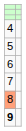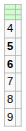 <table class="wikitable">
 <tr bgcolor=#CCFFCC>
 <td align=center></td>
 <td></td>
 </tr>
 <tr bgcolor=#CCFFCC>
 <td align=center></td>
 <td></td>
 </tr>
 <tr bgcolor=#CCFFCC>
 <td align=center></td>
 <td></td>
 </tr>
 <tr>
 <td align=center>4</td>
 <td></td>
 </tr>
 <tr>
-<td align=center>5</td>
+<td align=center><strong>5</strong></td>
 <td></td>
 </tr>
 <tr>
-<td align=center>6</td>
+<td align=center><strong>6</strong></td>
 <td></td>
 </tr>
 <tr>
 <td align=center>7</td>
 <td></td>
 </tr>
 <tr>
-<td align=center style="background: lightsalmon;">8</td>
+<td align=center>8</td>
 <td></td>
 </tr>
 <tr>
-<td align=center><strong>9</strong></td>
+<td align=center>9</td>
 <td></td>
 </tr>
 </table>
